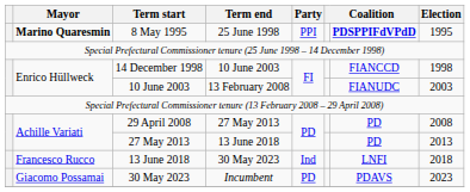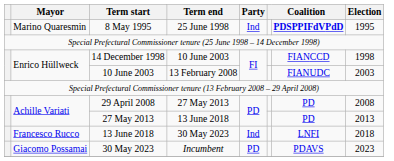 <table class="wikitable">
 <tr>
 <th class=unsortable> </th>
 <th>Mayor</th>
 <th>Term start</th>
 <th>Term end</th>
 <th>Party</th>
 <th colspan="2">Coalition</th>
 <th>Election</th>
 </tr>
 <tr>
 <th style="background:"></th>
-<td><strong>Marino Quaresmin</strong></td>
+<td>Marino Quaresmin</td>
 <td align=center>8 May 1995</td>
 <td align=center>25 June 1998</td>
-<td align=center><a href='#'>PPI</a></td>
+<td align=center><a href='#'>Ind</a></td>
 <td style="background: "></td>
 <td align=center><strong><a href='#'>PDS</a><a href='#'>PPI</a><a href='#'>FdV</a><a href='#'>PdD</a></strong></td>
 <td align=center>1995</td>
 </tr>
 <tr>
 <td colspan=8 align=center><small><em>Special Prefectural Commissioner tenure (25 June 1998 – 14 December 1998)</em></small></td>
 </tr>
 <tr>
 <th rowspan=2 style="background:"></th>
 <td rowspan=2>Enrico Hüllweck</td>
 <td align=center>14 December 1998</td>
 <td align=center>10 June 2003</td>
 <td rowspan=2 align=center><a href='#'>FI</a></td>
 <td style="background: "></td>
 <td align=center><a href='#'>FI</a><a href='#'>AN</a><a href='#'>CCD</a></td>
 <td align=center>1998</td>
 </tr>
 <tr>
 <td align=center>10 June 2003</td>
 <td align=center>13 February 2008</td>
 <td style="background: "></td>
 <td align=center><a href='#'>FI</a><a href='#'>AN</a><a href='#'>UDC</a></td>
 <td align=center>2003</td>
 </tr>
 <tr>
 <td colspan=8 align=center><small><em>Special Prefectural Commissioner tenure (13 February 2008 – 29 April 2008)</em></small></td>
 </tr>
 <tr>
 <th rowspan=2 style="background:"></th>
 <td rowspan=2><a href='#'>Achille Variati</a></td>
 <td align=center>29 April 2008</td>
 <td align=center>27 May 2013</td>
 <td rowspan=2 align=center><a href='#'>PD</a></td>
 <td style="background: "></td>
 <td align=center><a href='#'>PD</a></td>
 <td align=center>2008</td>
 </tr>
 <tr>
 <td align=center>27 May 2013</td>
 <td align=center>13 June 2018</td>
 <td style="background: "></td>
 <td align=center><a href='#'>PD</a></td>
 <td align=center>2013</td>
 </tr>
 <tr>
 <th style="background:"></th>
 <td><a href='#'>Francesco Rucco</a></td>
 <td align=center>13 June 2018</td>
 <td align=center>30 May 2023</td>
 <td align=center><a href='#'>Ind</a></td>
 <td style="background: "></td>
 <td align=center><a href='#'>LN</a><a href='#'>FI</a></td>
 <td align=center>2018</td>
 </tr>
 <tr>
 <th style="background:"></th>
 <td><a href='#'>Giacomo Possamai</a></td>
 <td align=center>30 May 2023</td>
 <td align=center><em>Incumbent</em></td>
 <td align=center><a href='#'>PD</a></td>
 <td style="background: "></td>
 <td align=center><a href='#'>PD</a><a href='#'>AVS</a></td>
 <td align=center>2023</td>
 </tr>
 <tr>
 </tr>
 </table>
